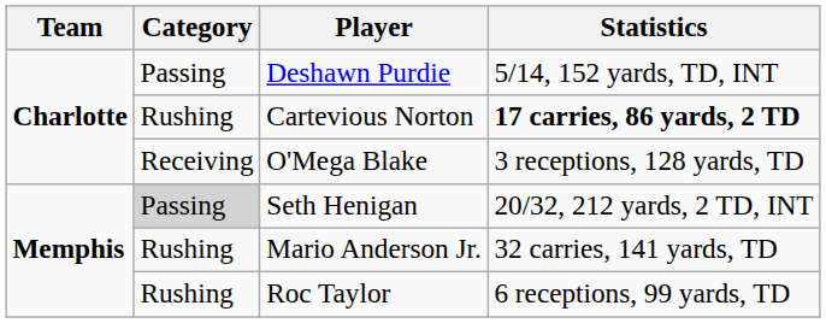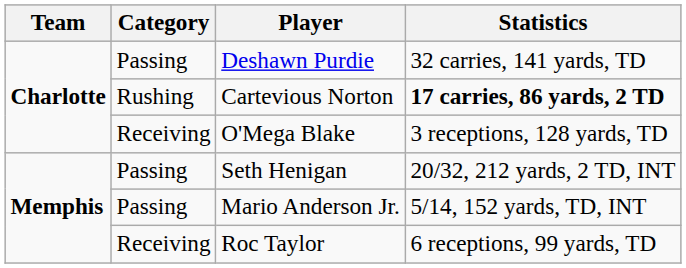 <table class="wikitable" style="float: right;">
 <tr>
 <th>Team</th>
 <th>Category</th>
 <th>Player</th>
 <th>Statistics</th>
 </tr>
 <tr>
 <td rowspan=3><strong>Charlotte</strong></td>
 <td>Passing</td>
 <td><a href='#'>Deshawn Purdie</a></td>
-<td>5/14, 152 yards, TD, INT</td>
+<td>32 carries, 141 yards, TD</td>
 </tr>
 <tr>
 <td>Rushing</td>
 <td>Cartevious Norton</td>
 <td><strong>17 carries, 86 yards, 2 TD</strong></td>
 </tr>
 <tr>
 <td>Receiving</td>
 <td>O'Mega Blake</td>
 <td>3 receptions, 128 yards, TD</td>
 </tr>
 <tr>
 <td rowspan=3><strong>Memphis</strong></td>
-<td style="background: lightgrey;">Passing</td>
+<td>Passing</td>
 <td>Seth Henigan</td>
 <td>20/32, 212 yards, 2 TD, INT</td>
 </tr>
 <tr>
-<td>Rushing</td>
+<td>Passing</td>
 <td>Mario Anderson Jr.</td>
-<td>32 carries, 141 yards, TD</td>
+<td>5/14, 152 yards, TD, INT</td>
 </tr>
 <tr>
-<td>Rushing</td>
+<td>Receiving</td>
 <td>Roc Taylor</td>
 <td>6 receptions, 99 yards, TD</td>
 </tr>
 </table>
